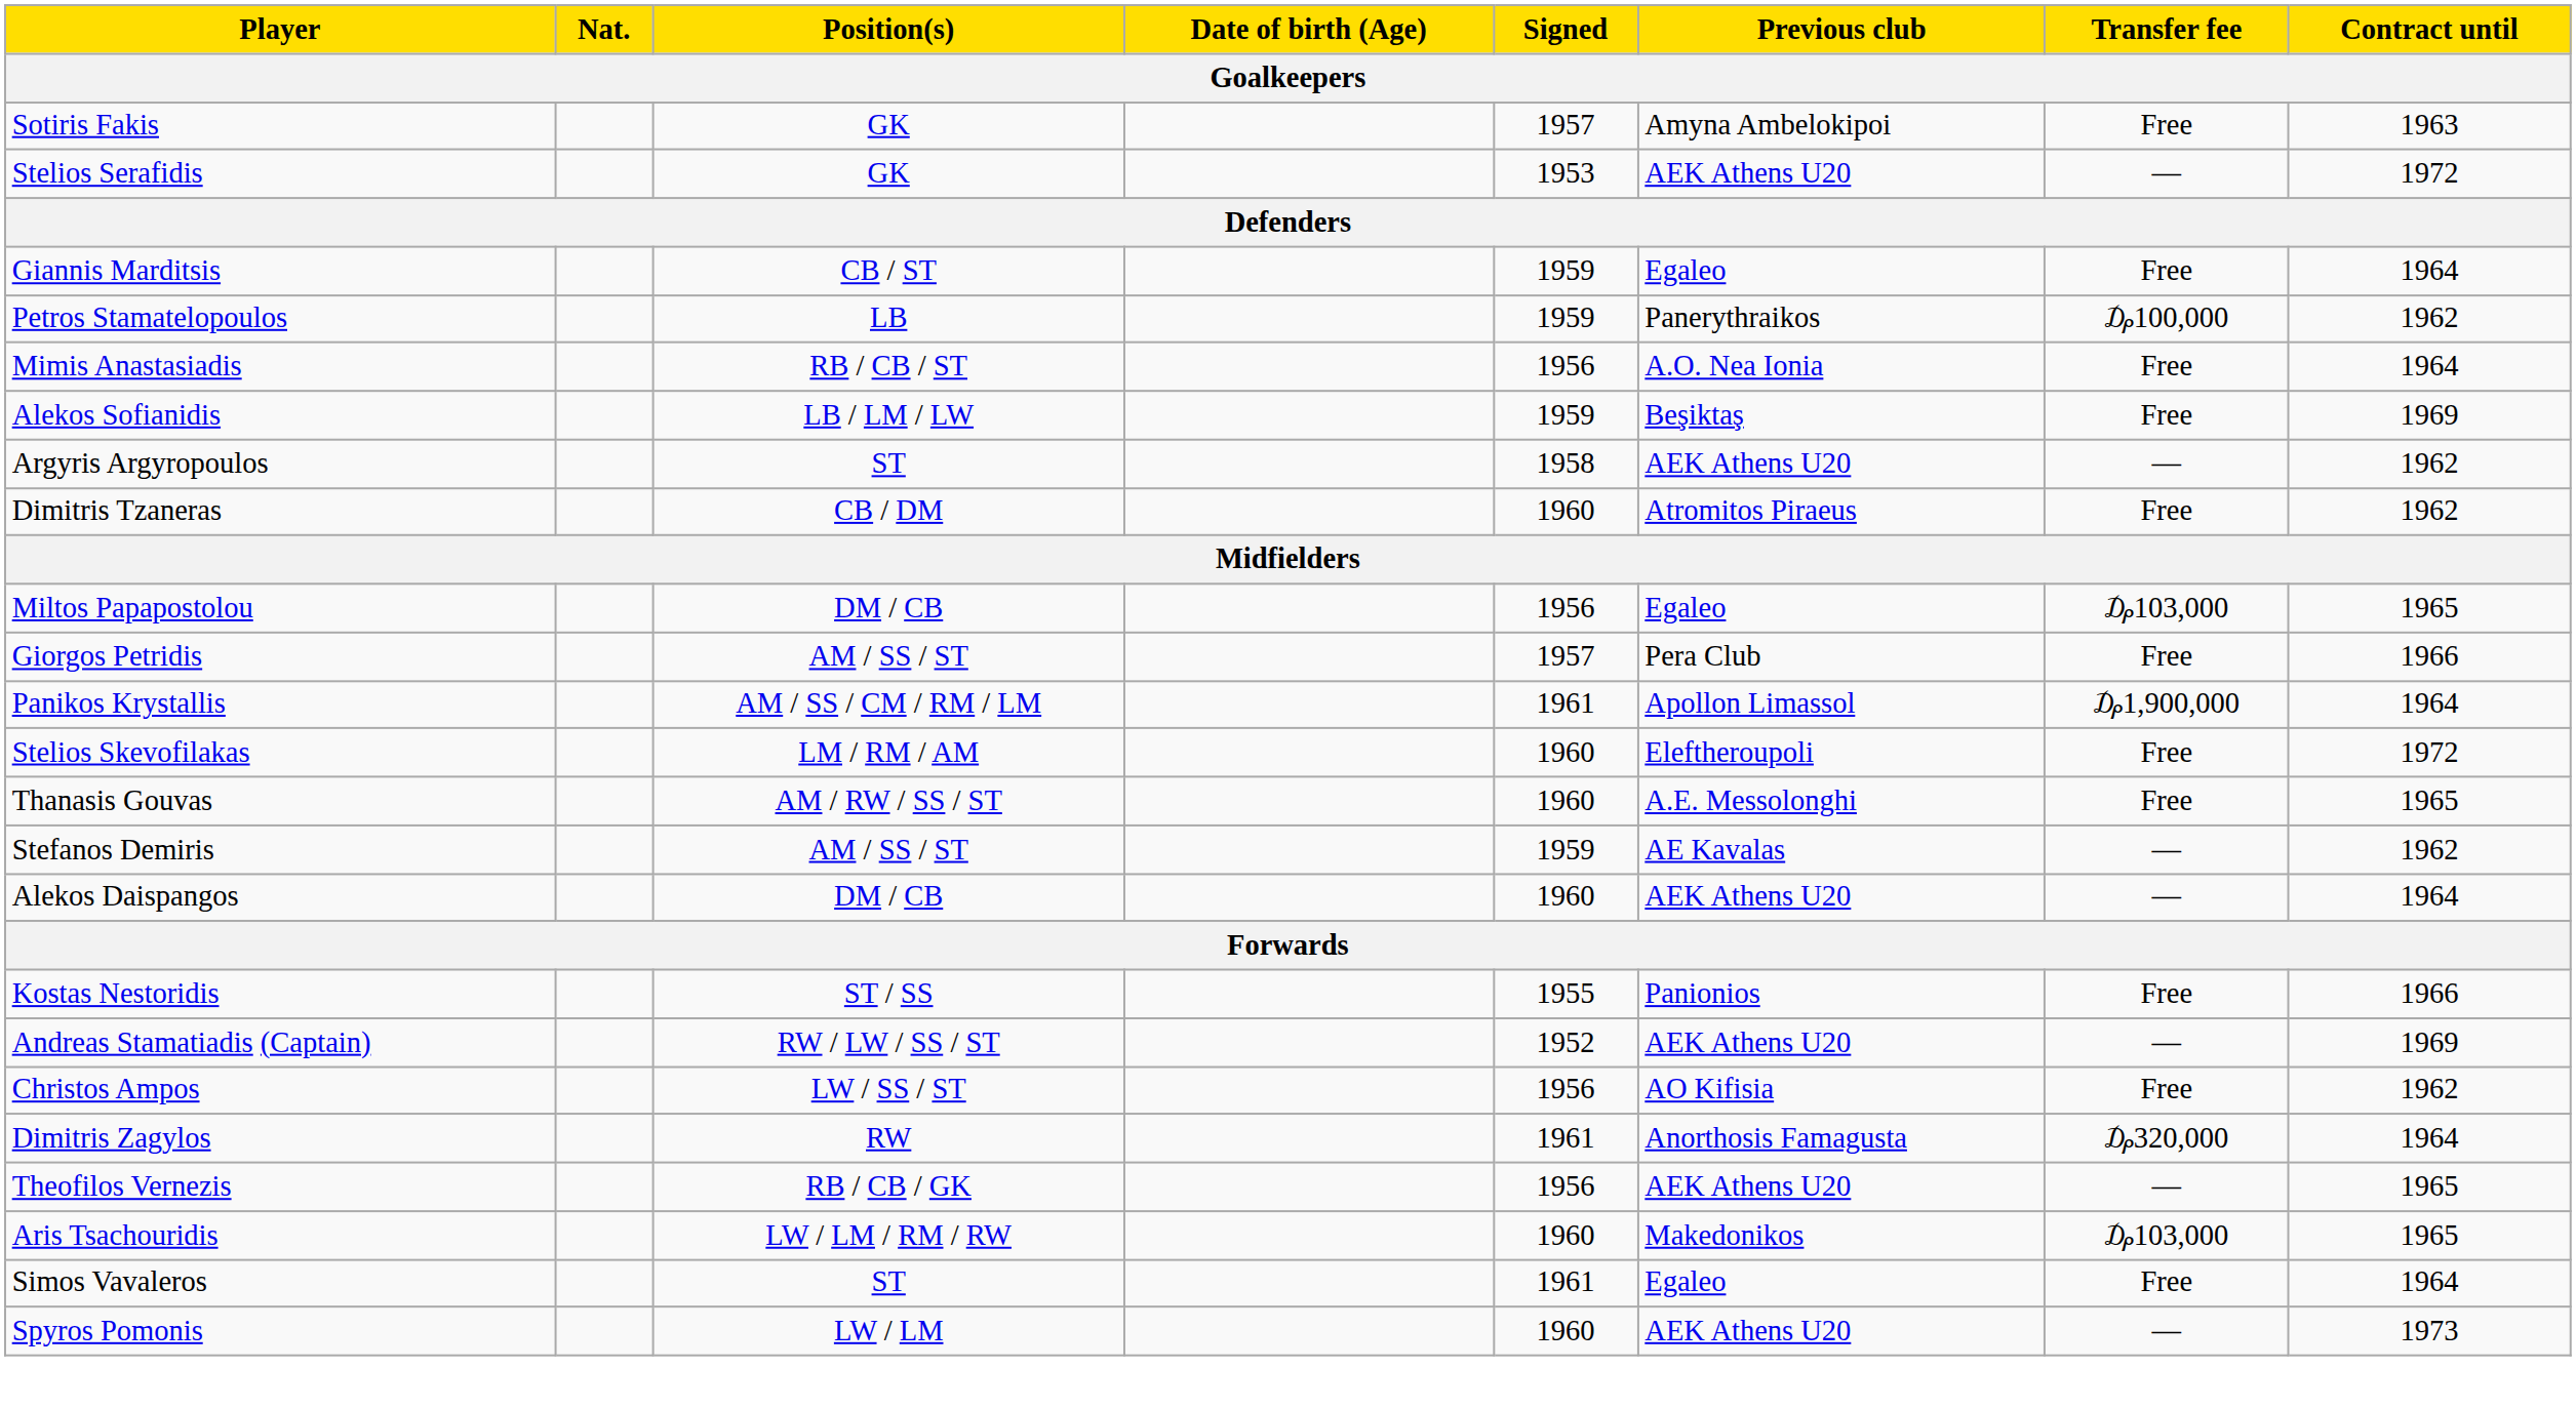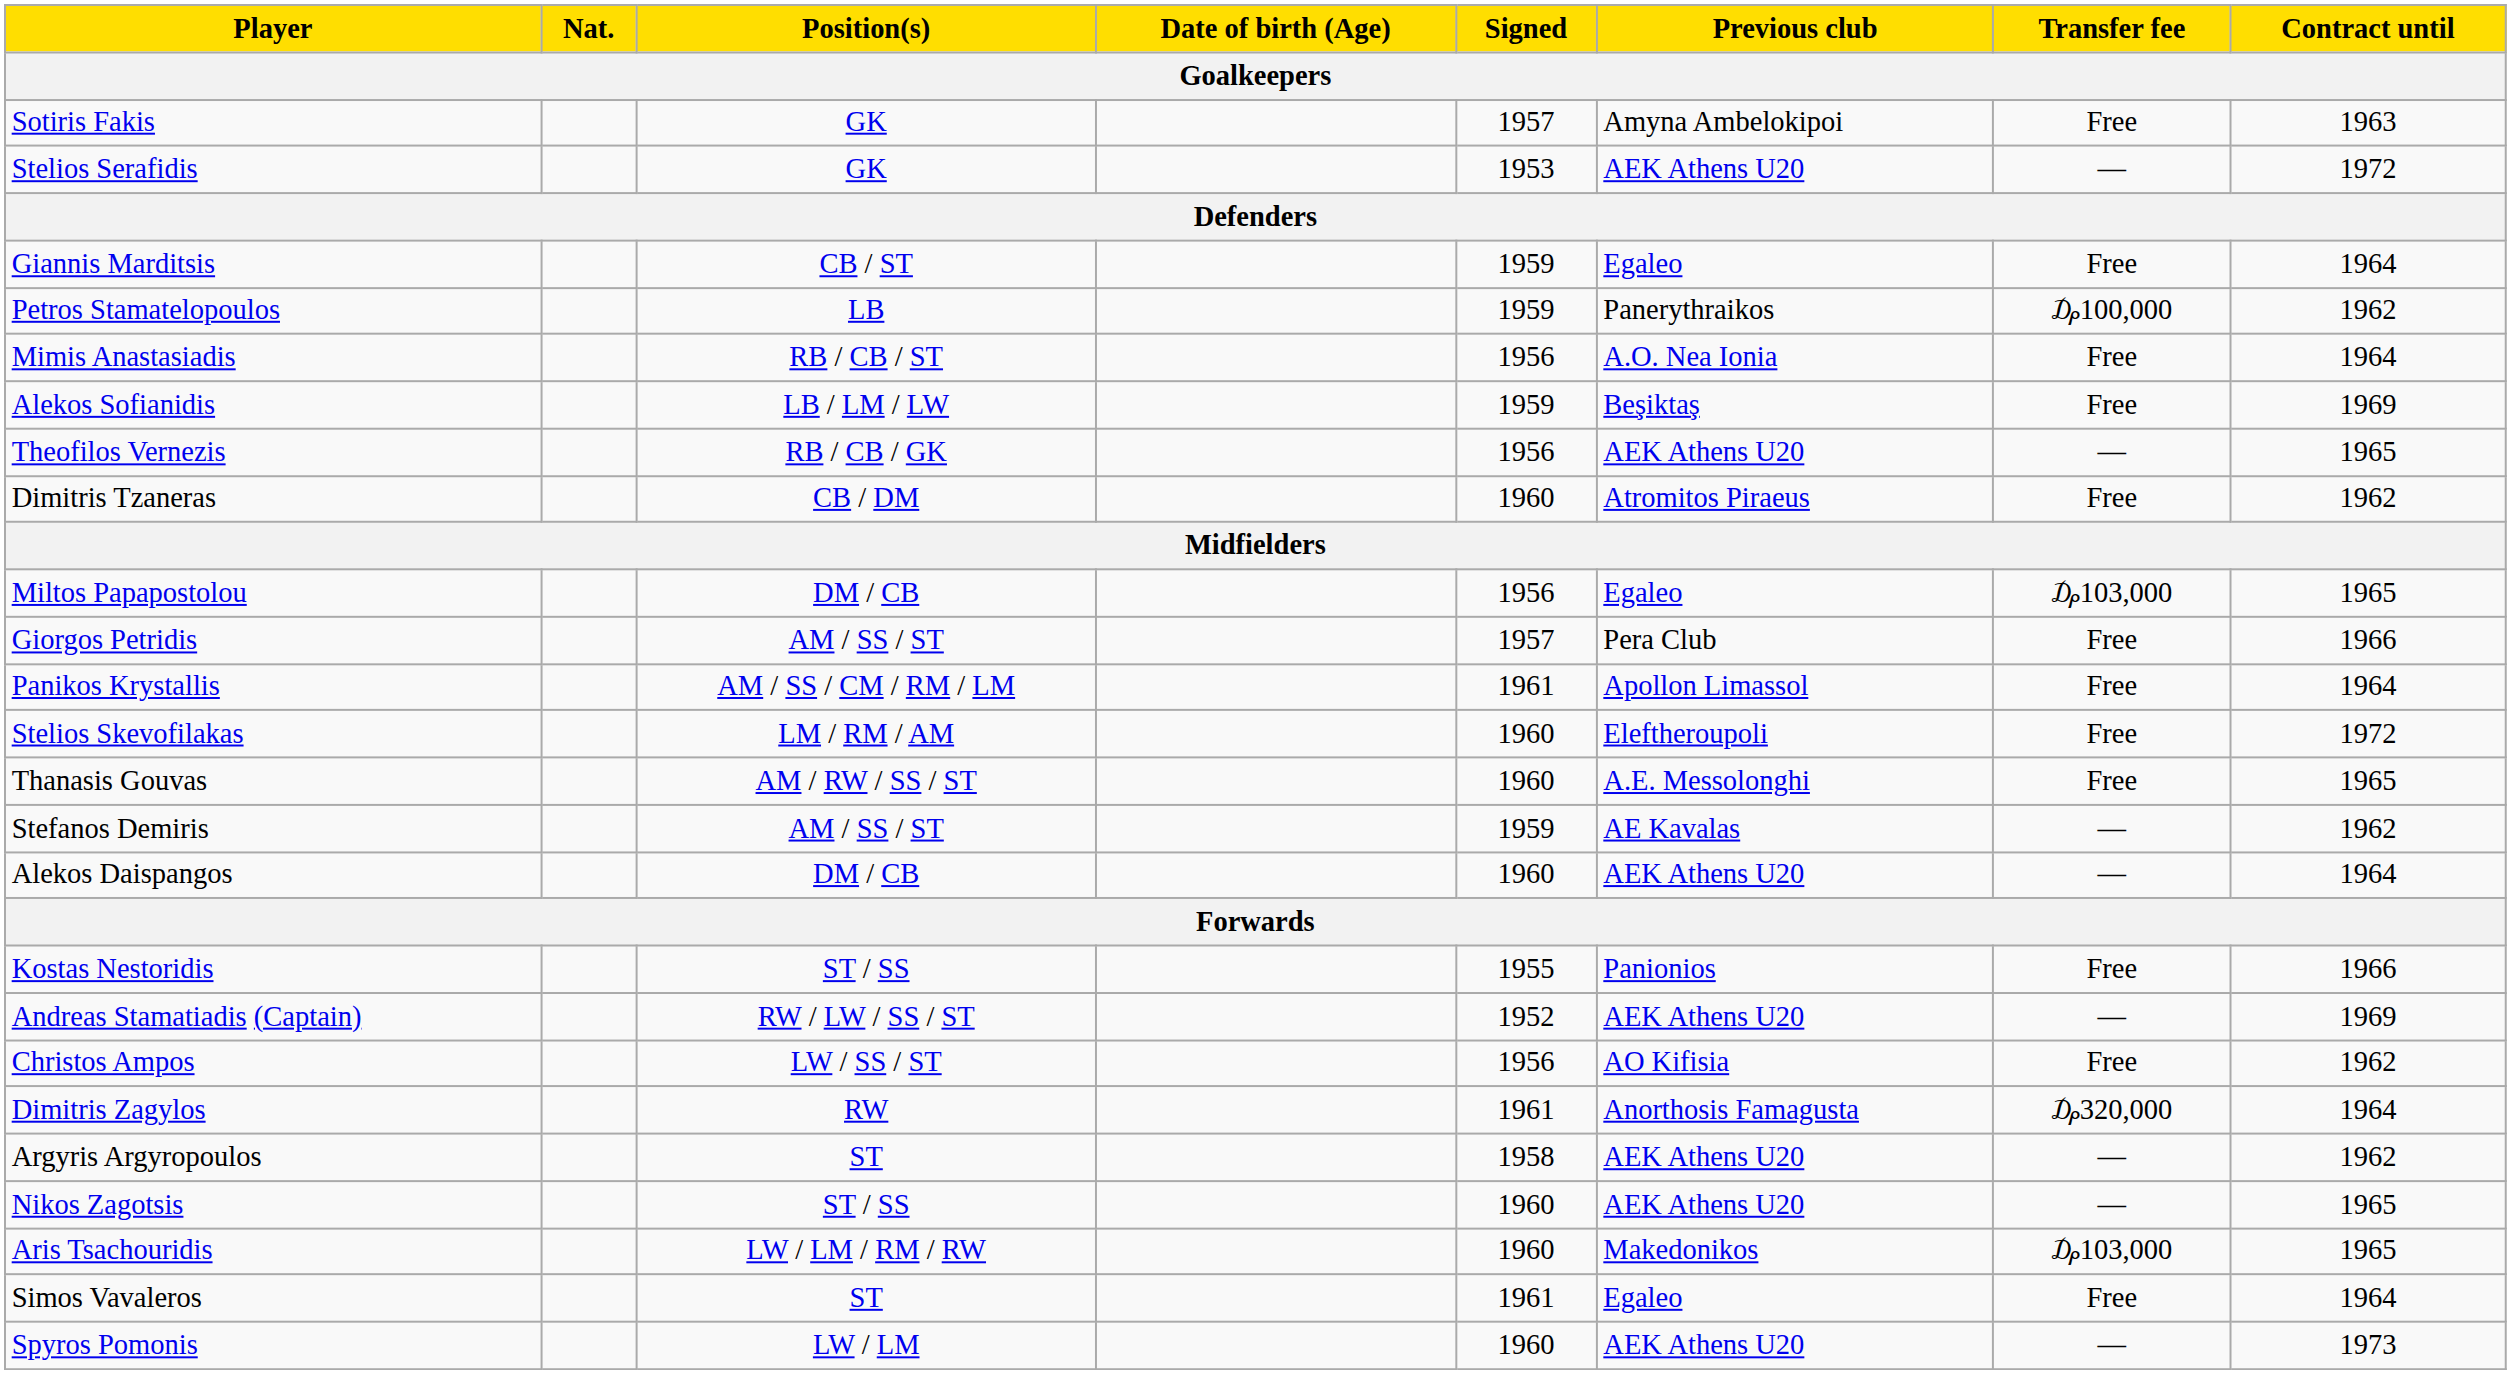 <table class="wikitable" style="text-align:center; font-size:90%;width:100%;">
 <tr>
 <th style="background:#FFDE00">Player</th>
 <th style="background:#FFDE00">Nat.</th>
 <th style="background:#FFDE00">Position(s)</th>
 <th style="background:#FFDE00">Date of birth (Age)</th>
 <th style="background:#FFDE00">Signed</th>
 <th style="background:#FFDE00">Previous club</th>
 <th style="background:#FFDE00">Transfer fee</th>
 <th style="background:#FFDE00">Contract until</th>
 </tr>
 <tr>
 <th colspan="8">Goalkeepers</th>
 </tr>
 <tr>
 <td align=left><a href='#'>Sotiris Fakis</a></td>
 <td></td>
 <td><a href='#'>GK</a></td>
 <td></td>
 <td>1957</td>
 <td align=left> Amyna Ambelokipoi</td>
 <td>Free</td>
 <td>1963</td>
 </tr>
 <tr>
 <td align=left><a href='#'>Stelios Serafidis</a></td>
 <td></td>
 <td><a href='#'>GK</a></td>
 <td></td>
 <td>1953</td>
 <td align=left> <a href='#'>AEK Athens U20</a></td>
 <td>—</td>
 <td>1972</td>
 </tr>
 <tr>
 <th colspan="8">Defenders</th>
 </tr>
 <tr>
 <td align=left><a href='#'>Giannis Marditsis</a></td>
 <td></td>
 <td><a href='#'>CB</a> / <a href='#'>ST</a></td>
 <td></td>
 <td>1959</td>
 <td align=left> <a href='#'>Egaleo</a></td>
 <td>Free</td>
 <td>1964</td>
 </tr>
 <tr>
 <td align=left><a href='#'>Petros Stamatelopoulos</a></td>
 <td></td>
 <td><a href='#'>LB</a></td>
 <td></td>
 <td>1959</td>
 <td align=left> Panerythraikos</td>
 <td>₯100,000</td>
 <td>1962</td>
 </tr>
 <tr>
 <td align=left><a href='#'>Mimis Anastasiadis</a></td>
 <td></td>
 <td><a href='#'>RB</a> / <a href='#'>CB</a> / <a href='#'>ST</a></td>
 <td></td>
 <td>1956</td>
 <td align=left> <a href='#'>A.O. Nea Ionia</a></td>
 <td>Free</td>
 <td>1964</td>
 </tr>
 <tr>
 <td align=left><a href='#'>Alekos Sofianidis</a></td>
 <td></td>
 <td><a href='#'>LB</a> / <a href='#'>LM</a> / <a href='#'>LW</a></td>
 <td></td>
 <td>1959</td>
 <td align=left> <a href='#'>Beşiktaş</a></td>
 <td>Free</td>
 <td>1969</td>
 </tr>
 <tr>
-<td align=left>Argyris Argyropoulos</td>
+<td align=left><a href='#'>Theofilos Vernezis</a></td>
 <td></td>
-<td><a href='#'>ST</a></td>
+<td><a href='#'>RB</a> / <a href='#'>CB</a> / <a href='#'>GK</a></td>
 <td></td>
-<td>1958</td>
+<td>1956</td>
 <td align=left> <a href='#'>AEK Athens U20</a></td>
 <td>—</td>
-<td>1962</td>
+<td>1965</td>
 </tr>
 <tr>
 <td align=left>Dimitris Tzaneras</td>
 <td></td>
 <td><a href='#'>CB</a> / <a href='#'>DM</a></td>
 <td></td>
 <td>1960</td>
 <td align=left> <a href='#'>Atromitos Piraeus</a></td>
 <td>Free</td>
 <td>1962</td>
 </tr>
 <tr>
 <th colspan="8">Midfielders</th>
 </tr>
 <tr>
 <td align=left><a href='#'>Miltos Papapostolou</a></td>
 <td></td>
 <td><a href='#'>DM</a> / <a href='#'>CB</a></td>
 <td></td>
 <td>1956</td>
 <td align=left> <a href='#'>Egaleo</a></td>
 <td>₯103,000</td>
 <td>1965</td>
 </tr>
 <tr>
 <td align=left><a href='#'>Giorgos Petridis</a></td>
 <td></td>
 <td><a href='#'>AM</a> / <a href='#'>SS</a> / <a href='#'>ST</a></td>
 <td></td>
 <td>1957</td>
 <td align=left> Pera Club</td>
 <td>Free</td>
 <td>1966</td>
 </tr>
 <tr>
 <td align=left><a href='#'>Panikos Krystallis</a></td>
 <td></td>
 <td><a href='#'>AM</a> / <a href='#'>SS</a> / <a href='#'>CM</a> / <a href='#'>RM</a> / <a href='#'>LM</a></td>
 <td></td>
 <td>1961</td>
 <td align=left> <a href='#'>Apollon Limassol</a></td>
-<td>₯1,900,000</td>
+<td>Free</td>
 <td>1964</td>
 </tr>
 <tr>
 <td align=left><a href='#'>Stelios Skevofilakas</a></td>
 <td></td>
 <td><a href='#'>LM</a> / <a href='#'>RM</a> / <a href='#'>AM</a></td>
 <td></td>
 <td>1960</td>
 <td align=left> <a href='#'>Eleftheroupoli</a></td>
 <td>Free</td>
 <td>1972</td>
 </tr>
 <tr>
 <td align=left>Thanasis Gouvas</td>
 <td></td>
 <td><a href='#'>AM</a> / <a href='#'>RW</a> / <a href='#'>SS</a> / <a href='#'>ST</a></td>
 <td></td>
 <td>1960</td>
 <td align=left> <a href='#'>A.E. Messolonghi</a></td>
 <td>Free</td>
 <td>1965</td>
 </tr>
 <tr>
 <td align=left>Stefanos Demiris</td>
 <td></td>
 <td><a href='#'>AM</a> / <a href='#'>SS</a> / <a href='#'>ST</a></td>
 <td></td>
 <td>1959</td>
 <td align=left> <a href='#'>AE Kavalas</a></td>
 <td>—</td>
 <td>1962</td>
 </tr>
 <tr>
 <td align=left>Alekos Daispangos</td>
 <td></td>
 <td><a href='#'>DM</a> / <a href='#'>CB</a></td>
 <td></td>
 <td>1960</td>
 <td align=left> <a href='#'>AEK Athens U20</a></td>
 <td>—</td>
 <td>1964</td>
 </tr>
 <tr>
 <th colspan="8">Forwards</th>
 </tr>
 <tr>
 <td align=left><a href='#'>Kostas Nestoridis</a></td>
 <td></td>
 <td><a href='#'>ST</a> / <a href='#'>SS</a></td>
 <td></td>
 <td>1955</td>
 <td align=left> <a href='#'>Panionios</a></td>
 <td>Free</td>
 <td>1966</td>
 </tr>
 <tr>
 <td align=left><a href='#'>Andreas Stamatiadis</a> <a href='#'>(Captain)</a></td>
 <td></td>
 <td><a href='#'>RW</a> / <a href='#'>LW</a> / <a href='#'>SS</a> / <a href='#'>ST</a></td>
 <td></td>
 <td>1952</td>
 <td align=left> <a href='#'>AEK Athens U20</a></td>
 <td>—</td>
 <td>1969</td>
 </tr>
 <tr>
 <td align=left><a href='#'>Christos Ampos</a></td>
 <td></td>
 <td><a href='#'>LW</a> / <a href='#'>SS</a> / <a href='#'>ST</a></td>
 <td></td>
 <td>1956</td>
 <td align=left> <a href='#'>AO Kifisia</a></td>
 <td>Free</td>
 <td>1962</td>
 </tr>
 <tr>
 <td align=left><a href='#'>Dimitris Zagylos</a></td>
 <td></td>
 <td><a href='#'>RW</a></td>
 <td></td>
 <td>1961</td>
 <td align=left> <a href='#'>Anorthosis Famagusta</a></td>
 <td>₯320,000</td>
 <td>1964</td>
 </tr>
 <tr>
-<td align=left><a href='#'>Theofilos Vernezis</a></td>
+<td align=left>Argyris Argyropoulos</td>
 <td></td>
-<td><a href='#'>RB</a> / <a href='#'>CB</a> / <a href='#'>GK</a></td>
+<td><a href='#'>ST</a></td>
 <td></td>
-<td>1956</td>
+<td>1958</td>
+<td align=left> <a href='#'>AEK Athens U20</a></td>
+<td>—</td>
+<td>1962</td>
+</tr>
+<tr>
+<td align=left><a href='#'>Nikos Zagotsis</a></td>
+<td></td>
+<td><a href='#'>ST</a> / <a href='#'>SS</a></td>
+<td></td>
+<td>1960</td>
 <td align=left> <a href='#'>AEK Athens U20</a></td>
 <td>—</td>
 <td>1965</td>
 </tr>
 <tr>
 <td align=left><a href='#'>Aris Tsachouridis</a></td>
 <td></td>
 <td><a href='#'>LW</a> / <a href='#'>LM</a> / <a href='#'>RM</a> / <a href='#'>RW</a></td>
 <td></td>
 <td>1960</td>
 <td align=left> <a href='#'>Makedonikos</a></td>
 <td>₯103,000</td>
 <td>1965</td>
 </tr>
 <tr>
 <td align=left>Simos Vavaleros</td>
 <td></td>
 <td><a href='#'>ST</a></td>
 <td></td>
 <td>1961</td>
 <td align=left> <a href='#'>Egaleo</a></td>
 <td>Free</td>
 <td>1964</td>
 </tr>
 <tr>
 <td align=left><a href='#'>Spyros Pomonis</a></td>
 <td></td>
 <td><a href='#'>LW</a> / <a href='#'>LM</a></td>
 <td></td>
 <td>1960</td>
 <td align=left> <a href='#'>AEK Athens U20</a></td>
 <td>—</td>
 <td>1973</td>
 </tr>
 </table>
